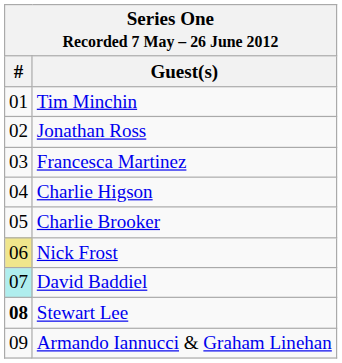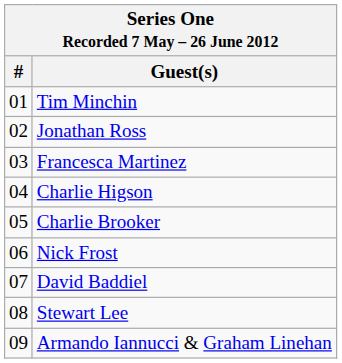 <table class="wikitable">
 <tr>
 <th colspan="3">Series One<br><small>Recorded 7 May – 26 June 2012</small></th>
 </tr>
 <tr>
 <th>#</th>
 <th>Guest(s)</th>
 </tr>
 <tr>
 <td>01</td>
 <td><a href='#'>Tim Minchin</a></td>
 </tr>
 <tr>
 <td>02</td>
 <td><a href='#'>Jonathan Ross</a></td>
 </tr>
 <tr>
 <td>03</td>
 <td><a href='#'>Francesca Martinez</a></td>
 </tr>
 <tr>
 <td>04</td>
 <td><a href='#'>Charlie Higson</a></td>
 </tr>
 <tr>
 <td>05</td>
 <td><a href='#'>Charlie Brooker</a></td>
 </tr>
 <tr>
-<td style="background: khaki;">06</td>
+<td>06</td>
 <td><a href='#'>Nick Frost</a></td>
 </tr>
 <tr>
-<td style="background: paleturquoise;">07</td>
+<td>07</td>
 <td><a href='#'>David Baddiel</a></td>
 </tr>
 <tr>
-<td><strong>08</strong></td>
+<td>08</td>
 <td><a href='#'>Stewart Lee</a></td>
 </tr>
 <tr>
 <td>09</td>
 <td><a href='#'>Armando Iannucci</a> & <a href='#'>Graham Linehan</a></td>
 </tr>
 </table>
